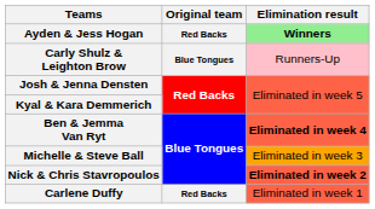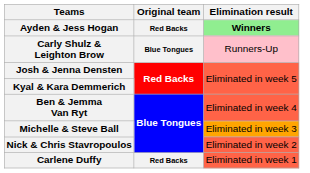 <table class="wikitable" style="text-align:center">
 <tr>
 <th bgcolor="gray"><span>Teams</span></th>
 <th bgcolor="gray"><span>Original team</span></th>
 <th bgcolor="gray"><span>Elimination result</span></th>
 </tr>
 <tr>
 <th>Ayden & Jess Hogan</th>
 <th colspan="1" style="font-size: 9pt" style="background:red; color:white;">Red Backs</th>
 <td bgcolor="lightgreen"><strong>Winners</strong></td>
 </tr>
 <tr>
 <th>Carly Shulz &<br>Leighton Brow</th>
 <th colspan="1" style="font-size: 9pt" style="background:blue; color:white;">Blue Tongues</th>
 <td bgcolor="pink">Runners-Up</td>
 </tr>
 <tr>
 <th>Josh & Jenna Densten</th>
 <th colspan="1" rowspan="2" style="background:red; color:white;">Red Backs</th>
 <td rowspan="2" bgcolor="tomato">Eliminated in week 5</td>
 </tr>
 <tr>
 <th>Kyal & Kara Demmerich</th>
 </tr>
 <tr>
 <th>Ben & Jemma<br>Van Ryt</th>
 <th colspan="1" rowspan="3" style="background:blue; color:white;">Blue Tongues</th>
-<td bgcolor="tomato"><strong>Eliminated in week 4</strong></td>
+<td bgcolor="tomato">Eliminated in week 4</td>
 </tr>
 <tr>
 <th>Michelle & Steve Ball</th>
 <td bgcolor="orange">Eliminated in week 3</td>
 </tr>
 <tr>
 <th>Nick & Chris Stavropoulos</th>
-<td bgcolor="tomato"><strong>Eliminated in week 2</strong></td>
+<td bgcolor="tomato">Eliminated in week 2</td>
 </tr>
 <tr>
 <th> Carlene Duffy</th>
 <th colspan="1" style="font-size: 9pt" style="background:red; color:white;">Red Backs</th>
 <td bgcolor="tomato">Eliminated in week 1</td>
 </tr>
 </table>
